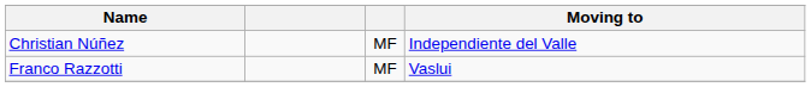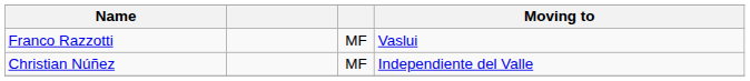 <table class="wikitable" style="text-align: center; width:50%">
 <tr>
 </tr>
 <tr>
 <th width=30% align="center">Name</th>
 <th width=15% align="center"></th>
 <th width=5% align="center"></th>
 <th width=50% align="center">Moving to</th>
 </tr>
 <tr>
+<td align=left><a href='#'>Franco Razzotti</a></td>
+<td></td>
+<td>MF</td>
+<td align=left> <a href='#'>Vaslui</a></td>
+</tr>
+<tr>
 <td align=left><a href='#'>Christian Núñez</a></td>
 <td></td>
 <td>MF</td>
 <td align=left> <a href='#'>Independiente del Valle</a></td>
 </tr>
 <tr>
-<td align=left><a href='#'>Franco Razzotti</a></td>
-<td></td>
-<td>MF</td>
-<td align=left> <a href='#'>Vaslui</a></td>
-</tr>
-<tr>
 </tr>
 </table>
